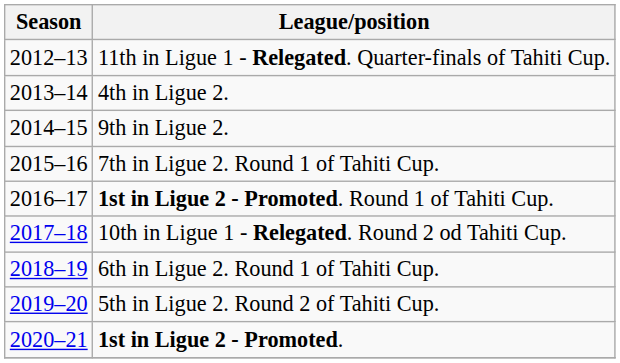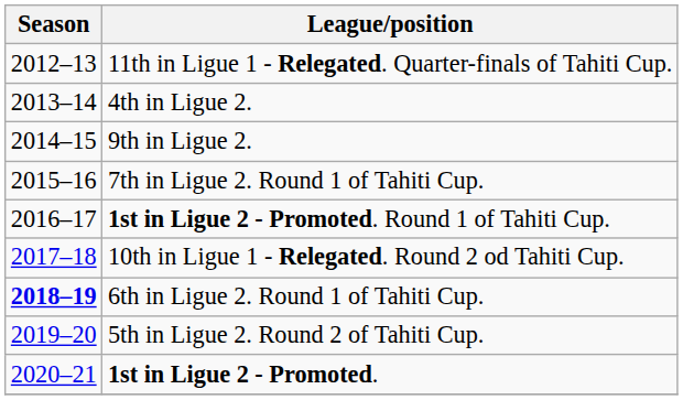 <table class="wikitable sortable">
 <tr>
 <th>Season</th>
 <th>League/position</th>
 </tr>
 <tr>
 <td>2012–13</td>
 <td>11th in Ligue 1 - <strong>Relegated</strong>. Quarter-finals of Tahiti Cup.</td>
 </tr>
 <tr>
 <td>2013–14</td>
 <td>4th in Ligue 2.</td>
 </tr>
 <tr>
 <td>2014–15</td>
 <td>9th in Ligue 2.</td>
 </tr>
 <tr>
 <td>2015–16</td>
 <td>7th in Ligue 2. Round 1 of Tahiti Cup.</td>
 </tr>
 <tr>
 <td>2016–17</td>
 <td><strong>1st in Ligue 2 - Promoted</strong>. Round 1 of Tahiti Cup.</td>
 </tr>
 <tr>
 <td><a href='#'>2017–18</a></td>
 <td>10th in Ligue 1 - <strong>Relegated</strong>. Round 2 od Tahiti Cup.</td>
 </tr>
 <tr>
-<td><a href='#'>2018–19</a></td>
+<td><strong><a href='#'>2018–19</a></strong></td>
 <td>6th in Ligue 2. Round 1 of Tahiti Cup.</td>
 </tr>
 <tr>
 <td><a href='#'>2019–20</a></td>
 <td>5th in Ligue 2. Round 2 of Tahiti Cup.</td>
 </tr>
 <tr>
 <td><a href='#'>2020–21</a></td>
 <td><strong>1st in Ligue 2 - Promoted</strong>.</td>
 </tr>
 <tr>
 </tr>
 </table>
